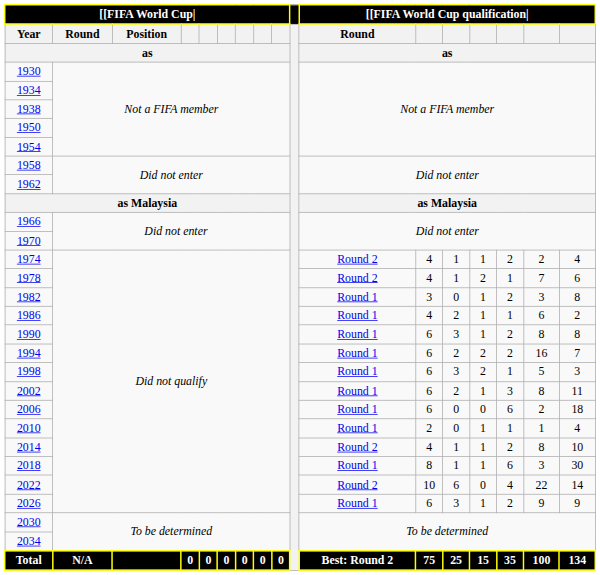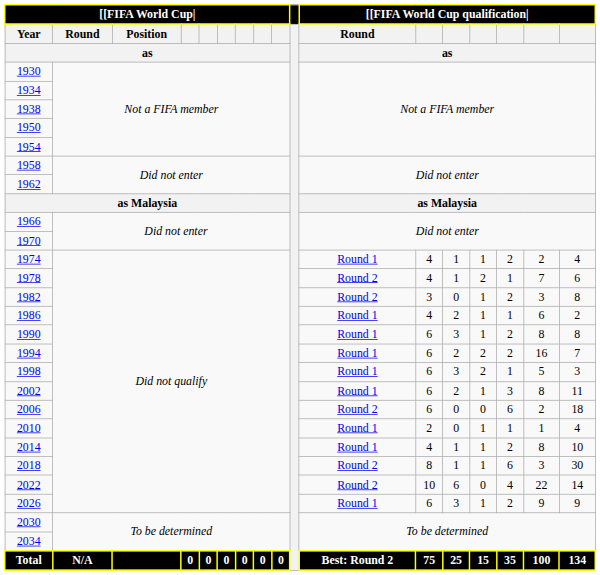 <table class="wikitable" style="text-align: center;font-size:100%; width: 800px;">
 <tr>
 <th colspan=9 style="background: #000000; color: #FFFFFF; border:2px solid #FFFF00;">[[FIFA World Cup|</th>
 <th style="background: #000000; color: #FFFFFF;"></th>
 <th colspan=7 style="background: #000000; color: #FFFFFF; border:2px solid #FFFF00;">[[FIFA World Cup qualification|</th>
 </tr>
 <tr>
 <th>Year</th>
 <th>Round</th>
 <th>Position</th>
 <th></th>
 <th></th>
 <th></th>
 <th></th>
 <th></th>
 <th></th>
 <th rowspan="29"></th>
 <th>Round</th>
 <th></th>
 <th></th>
 <th></th>
 <th></th>
 <th></th>
 <th></th>
 </tr>
 <tr>
 <th colspan=9>as <strong></strong></th>
 <th colspan=7>as <strong></strong></th>
 </tr>
 <tr>
 <td> <a href='#'>1930</a></td>
 <td colspan="8" rowspan="5"><em>Not a FIFA member</em></td>
 <td colspan="7" rowspan="5"><em>Not a FIFA member</em></td>
 </tr>
 <tr>
 <td> <a href='#'>1934</a></td>
 </tr>
 <tr>
 <td> <a href='#'>1938</a></td>
 </tr>
 <tr>
 <td> <a href='#'>1950</a></td>
 </tr>
 <tr>
 <td> <a href='#'>1954</a></td>
 </tr>
 <tr>
 <td> <a href='#'>1958</a></td>
 <td colspan="8" rowspan="2"><em>Did not enter</em></td>
 <td colspan="7" rowspan="2"><em>Did not enter</em></td>
 </tr>
 <tr>
 <td> <a href='#'>1962</a></td>
 </tr>
 <tr>
 <th colspan=9>as <strong> Malaysia</strong></th>
 <th colspan=7>as <strong> Malaysia</strong></th>
 </tr>
 <tr>
 <td> <a href='#'>1966</a></td>
 <td colspan="9" rowspan="2"><em>Did not enter</em></td>
 <td colspan="7" rowspan="2"><em>Did not enter</em></td>
 </tr>
 <tr>
 <td> <a href='#'>1970</a></td>
 </tr>
 <tr>
 <td> <a href='#'>1974</a></td>
 <td rowspan="14" colspan="8"><em>Did not qualify</em></td>
-<td><a href='#'>Round 2</a></td>
+<td><a href='#'>Round 1</a></td>
 <td>4</td>
 <td>1</td>
 <td>1</td>
 <td>2</td>
 <td>2</td>
 <td>4</td>
 </tr>
 <tr>
 <td> <a href='#'>1978</a></td>
 <td><a href='#'>Round 2</a></td>
 <td>4</td>
 <td>1</td>
 <td>2</td>
 <td>1</td>
 <td>7</td>
 <td>6</td>
 </tr>
 <tr>
 <td> <a href='#'>1982</a></td>
-<td><a href='#'>Round 1</a></td>
+<td><a href='#'>Round 2</a></td>
 <td>3</td>
 <td>0</td>
 <td>1</td>
 <td>2</td>
 <td>3</td>
 <td>8</td>
 </tr>
 <tr>
 <td> <a href='#'>1986</a></td>
 <td><a href='#'>Round 1</a></td>
 <td>4</td>
 <td>2</td>
 <td>1</td>
 <td>1</td>
 <td>6</td>
 <td>2</td>
 </tr>
 <tr>
 <td> <a href='#'>1990</a></td>
 <td><a href='#'>Round 1</a></td>
 <td>6</td>
 <td>3</td>
 <td>1</td>
 <td>2</td>
 <td>8</td>
 <td>8</td>
 </tr>
 <tr>
 <td> <a href='#'>1994</a></td>
 <td><a href='#'>Round 1</a></td>
 <td>6</td>
 <td>2</td>
 <td>2</td>
 <td>2</td>
 <td>16</td>
 <td>7</td>
 </tr>
 <tr>
 <td> <a href='#'>1998</a></td>
 <td><a href='#'>Round 1</a></td>
 <td>6</td>
 <td>3</td>
 <td>2</td>
 <td>1</td>
 <td>5</td>
 <td>3</td>
 </tr>
 <tr>
 <td>  <a href='#'>2002</a></td>
 <td><a href='#'>Round 1</a></td>
 <td>6</td>
 <td>2</td>
 <td>1</td>
 <td>3</td>
 <td>8</td>
 <td>11</td>
 </tr>
 <tr>
 <td> <a href='#'>2006</a></td>
-<td><a href='#'>Round 1</a></td>
+<td><a href='#'>Round 2</a></td>
 <td>6</td>
 <td>0</td>
 <td>0</td>
 <td>6</td>
 <td>2</td>
 <td>18</td>
 </tr>
 <tr>
 <td> <a href='#'>2010</a></td>
 <td><a href='#'>Round 1</a></td>
 <td>2</td>
 <td>0</td>
 <td>1</td>
 <td>1</td>
 <td>1</td>
 <td>4</td>
 </tr>
 <tr>
 <td> <a href='#'>2014</a></td>
-<td><a href='#'>Round 2</a></td>
+<td><a href='#'>Round 1</a></td>
 <td>4</td>
 <td>1</td>
 <td>1</td>
 <td>2</td>
 <td>8</td>
 <td>10</td>
 </tr>
 <tr>
 <td> <a href='#'>2018</a></td>
-<td><a href='#'>Round 1</a></td>
+<td><a href='#'>Round 2</a></td>
 <td>8</td>
 <td>1</td>
 <td>1</td>
 <td>6</td>
 <td>3</td>
 <td>30</td>
 </tr>
 <tr>
 <td> <a href='#'>2022</a></td>
 <td><a href='#'>Round 2</a></td>
 <td>10</td>
 <td>6</td>
 <td>0</td>
 <td>4</td>
 <td>22</td>
 <td>14</td>
 </tr>
 <tr>
 <td>   <a href='#'>2026</a></td>
 <td><a href='#'>Round 1</a></td>
 <td>6</td>
 <td>3</td>
 <td>1</td>
 <td>2</td>
 <td>9</td>
 <td>9</td>
 </tr>
 <tr>
 <td>   <a href='#'>2030</a></td>
 <td colspan="8" rowspan="2"><em>To be determined</em></td>
 <td colspan="7" rowspan="2"><em>To be determined</em></td>
 </tr>
 <tr>
 <td> <a href='#'>2034</a></td>
 </tr>
 <tr>
 <td style="background: #000000; color: #FFFFFF; border:2px solid #FFFF00;"><strong>Total</strong></td>
 <td style="background: #000000; color: #FFFFFF; border:2px solid #FFFF00;"><strong>N/A</strong></td>
 <td style="background: #000000; color: #FFFFFF; border:2px solid #FFFF00;"></td>
 <td style="background: #000000; color: #FFFFFF; border:2px solid #FFFF00;"><strong>0</strong></td>
 <td style="background: #000000; color: #FFFFFF; border:2px solid #FFFF00;"><strong>0</strong></td>
 <td style="background: #000000; color: #FFFFFF; border:2px solid #FFFF00;"><strong>0</strong></td>
 <td style="background: #000000; color: #FFFFFF; border:2px solid #FFFF00;"><strong>0</strong></td>
 <td style="background: #000000; color: #FFFFFF; border:2px solid #FFFF00;"><strong>0</strong></td>
 <td style="background: #000000; color: #FFFFFF; border:2px solid #FFFF00;"><strong>0</strong></td>
 <td style="background: #000000; color: #FFFFFF; border:2px solid #FFFF00;"><strong>Best: Round 2</strong></td>
 <td style="background: #000000; color: #FFFFFF; border:2px solid #FFFF00;"><strong>75</strong></td>
 <td style="background: #000000; color: #FFFFFF; border:2px solid #FFFF00;"><strong>25</strong></td>
 <td style="background: #000000; color: #FFFFFF; border:2px solid #FFFF00;"><strong>15</strong></td>
 <td style="background: #000000; color: #FFFFFF; border:2px solid #FFFF00;"><strong>35</strong></td>
 <td style="background: #000000; color: #FFFFFF; border:2px solid #FFFF00;"><strong>100</strong></td>
 <td style="background: #000000; color: #FFFFFF; border:2px solid #FFFF00;"><strong>134</strong></td>
 </tr>
 </table>
